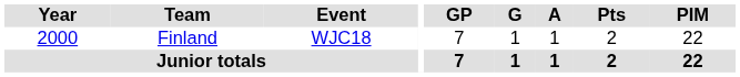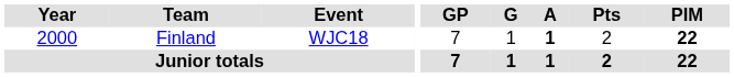 <table border="0" cellpadding="1" cellspacing="0" ID="Table3" style="text-align:center; width:40em">
 <tr ALIGN="center" bgcolor="#e0e0e0">
 <th>Year</th>
 <th>Team</th>
 <th>Event</th>
 <th rowspan="99" bgcolor="#ffffff"></th>
 <th>GP</th>
 <th>G</th>
 <th>A</th>
 <th>Pts</th>
 <th>PIM</th>
 </tr>
 <tr>
 <td><a href='#'>2000</a></td>
 <td><a href='#'>Finland</a></td>
 <td><a href='#'>WJC18</a></td>
 <td>7</td>
 <td>1</td>
-<td>1</td>
+<td><strong>1</strong></td>
 <td>2</td>
-<td>22</td>
+<td><strong>22</strong></td>
 </tr>
 <tr bgcolor="#e0e0e0">
 <th colspan="3">Junior totals</th>
 <th>7</th>
 <th>1</th>
 <th>1</th>
 <th>2</th>
 <th>22</th>
 </tr>
 </table>
